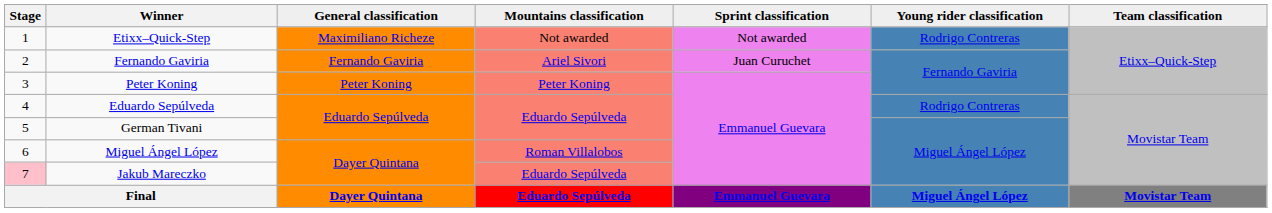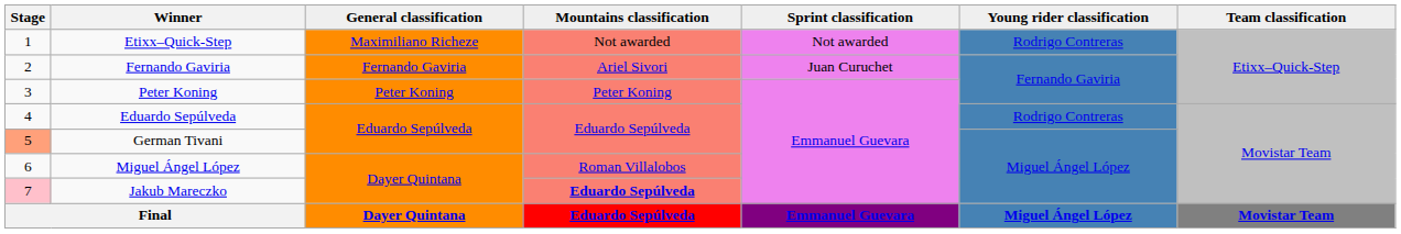 <table class="wikitable" style="text-align: center; font-size:smaller;">
 <tr style="background:#efefef;">
 <th style="width:1%;">Stage</th>
 <th style="width:14%;">Winner</th>
 <th style="background:#efefef; width:12%;">General classification<br></th>
 <th style="background:#efefef; width:12%;">Mountains classification<br></th>
 <th style="background:#efefef; width:12%;">Sprint classification<br></th>
 <th style="background:#efefef; width:12%;">Young rider classification<br></th>
 <th style="background:#efefef; width:12%;">Team classification</th>
 </tr>
 <tr>
 <td>1</td>
 <td><a href='#'>Etixx–Quick-Step</a></td>
 <td style="background:#FF8C00;" rowspan=1><a href='#'>Maximiliano Richeze</a></td>
 <td style="background:salmon;" rowspan=1>Not awarded</td>
 <td style="background:violet;" rowspan=1>Not awarded</td>
 <td style="background:#4682B4; color:#fff;"><a href='#'>Rodrigo Contreras</a></td>
 <td style="background:silver;" rowspan=3><a href='#'>Etixx–Quick-Step</a></td>
 </tr>
 <tr>
 <td>2</td>
 <td><a href='#'>Fernando Gaviria</a></td>
 <td style="background:#FF8C00;" rowspan=1><a href='#'>Fernando Gaviria</a></td>
 <td style="background:salmon;" rowspan=1><a href='#'>Ariel Sivori</a></td>
 <td style="background:violet;" rowspan=1>Juan Curuchet</td>
 <td style="background:#4682B4; color:#fff;" rowspan=2><a href='#'>Fernando Gaviria</a></td>
 </tr>
 <tr>
 <td>3</td>
 <td><a href='#'>Peter Koning</a></td>
 <td style="background:#FF8C00;" rowspan=1><a href='#'>Peter Koning</a></td>
 <td style="background:salmon;" rowspan=1><a href='#'>Peter Koning</a></td>
 <td style="background:violet;" rowspan=5><a href='#'>Emmanuel Guevara</a></td>
 </tr>
 <tr>
 <td>4</td>
 <td><a href='#'>Eduardo Sepúlveda</a></td>
 <td style="background:#FF8C00;" rowspan=2><a href='#'>Eduardo Sepúlveda</a></td>
 <td style="background:salmon;" rowspan=2><a href='#'>Eduardo Sepúlveda</a></td>
 <td style="background:#4682B4; color:#fff;"><a href='#'>Rodrigo Contreras</a></td>
 <td style="background:silver;" rowspan=4><a href='#'>Movistar Team</a></td>
 </tr>
 <tr>
-<td>5</td>
+<td style="background: lightsalmon;">5</td>
 <td>German Tivani</td>
 <td style="background:#4682B4; color:#fff;" rowspan=3><a href='#'>Miguel Ángel López</a></td>
 </tr>
 <tr>
 <td>6</td>
 <td><a href='#'>Miguel Ángel López</a></td>
 <td style="background:#FF8C00;" rowspan=2><a href='#'>Dayer Quintana</a></td>
 <td style="background:salmon;" rowspan=1><a href='#'>Roman Villalobos</a></td>
 </tr>
 <tr>
 <td style="background: pink;">7</td>
 <td><a href='#'>Jakub Mareczko</a></td>
-<td style="background:salmon;" rowspan=1><a href='#'>Eduardo Sepúlveda</a></td>
+<td style="background:salmon;" rowspan=1><strong><a href='#'>Eduardo Sepúlveda</a></strong></td>
 </tr>
 <tr>
 <th colspan=2><strong>Final</strong></th>
 <th style="background:#FF8C00;"><a href='#'>Dayer Quintana</a></th>
 <th style="background:red;"><a href='#'>Eduardo Sepúlveda</a></th>
 <th style="background:purple;"><a href='#'>Emmanuel Guevara</a></th>
 <th style="background:#4682B4; color:#fff;"><a href='#'>Miguel Ángel López</a></th>
 <th style="background:gray; text-align:center;"><a href='#'>Movistar Team</a></th>
 </tr>
 </table>
